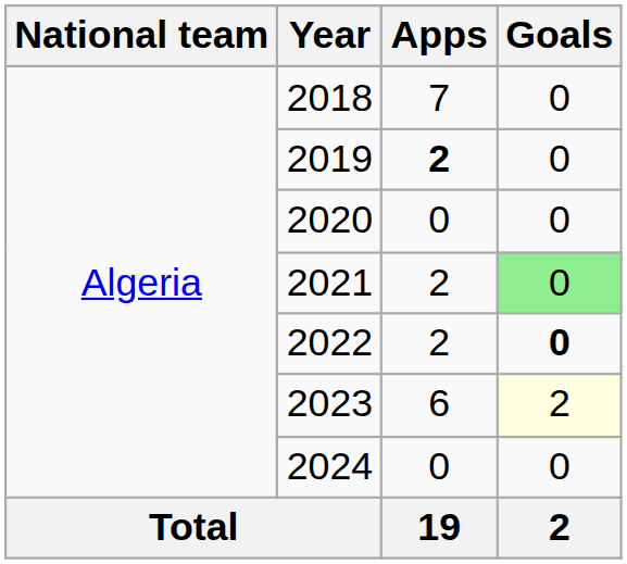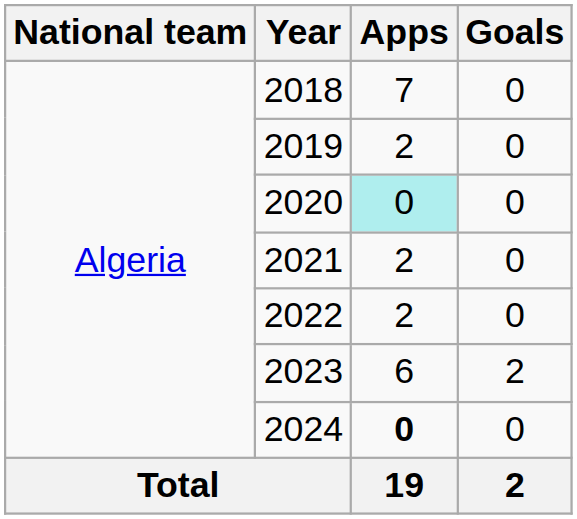 <table class="wikitable" style="text-align:center">
 <tr>
 <th>National team</th>
 <th>Year</th>
 <th>Apps</th>
 <th>Goals</th>
 </tr>
 <tr>
 <td rowspan="7"><a href='#'>Algeria</a></td>
 <td>2018</td>
 <td>7</td>
 <td>0</td>
 </tr>
 <tr>
 <td>2019</td>
-<td><strong>2</strong></td>
+<td>2</td>
 <td>0</td>
 </tr>
 <tr>
 <td>2020</td>
-<td>0</td>
+<td style="background: paleturquoise;">0</td>
 <td>0</td>
 </tr>
 <tr>
 <td>2021</td>
 <td>2</td>
-<td style="background: lightgreen;">0</td>
+<td>0</td>
 </tr>
 <tr>
 <td>2022</td>
 <td>2</td>
-<td><strong>0</strong></td>
+<td>0</td>
 </tr>
 <tr>
 <td>2023</td>
 <td>6</td>
-<td style="background: lightyellow;">2</td>
+<td>2</td>
 </tr>
 <tr>
 <td>2024</td>
-<td>0</td>
+<td><strong>0</strong></td>
 <td>0</td>
 </tr>
 <tr>
 <th colspan="2">Total</th>
 <th>19</th>
 <th>2</th>
 </tr>
 </table>
